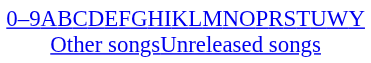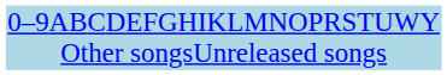 <table id="toc" class="toc" summary="Class">
 <tr>
 <th></th>
 </tr>
 <tr>
-<td style="text-align:center;"><a href='#'>0–9</a><a href='#'>A</a><a href='#'>B</a><a href='#'>C</a><a href='#'>D</a><a href='#'>E</a><a href='#'>F</a><a href='#'>G</a><a href='#'>H</a><a href='#'>I</a><a href='#'>K</a><a href='#'>L</a><a href='#'>M</a><a href='#'>N</a><a href='#'>O</a><a href='#'>P</a><a href='#'>R</a><a href='#'>S</a><a href='#'>T</a><a href='#'>U</a><a href='#'>W</a><a href='#'>Y</a><br><a href='#'>Other songs</a><a href='#'>Unreleased songs</a></td>
+<td style="background: lightblue; text-align:center;"><a href='#'>0–9</a><a href='#'>A</a><a href='#'>B</a><a href='#'>C</a><a href='#'>D</a><a href='#'>E</a><a href='#'>F</a><a href='#'>G</a><a href='#'>H</a><a href='#'>I</a><a href='#'>K</a><a href='#'>L</a><a href='#'>M</a><a href='#'>N</a><a href='#'>O</a><a href='#'>P</a><a href='#'>R</a><a href='#'>S</a><a href='#'>T</a><a href='#'>U</a><a href='#'>W</a><a href='#'>Y</a><br><a href='#'>Other songs</a><a href='#'>Unreleased songs</a></td>
 </tr>
 </table>
